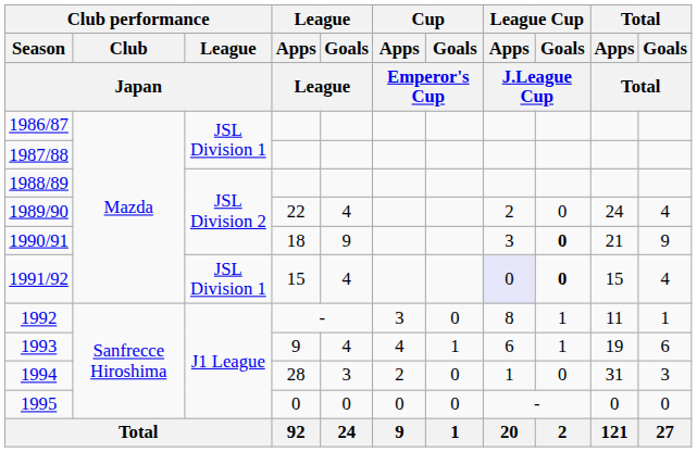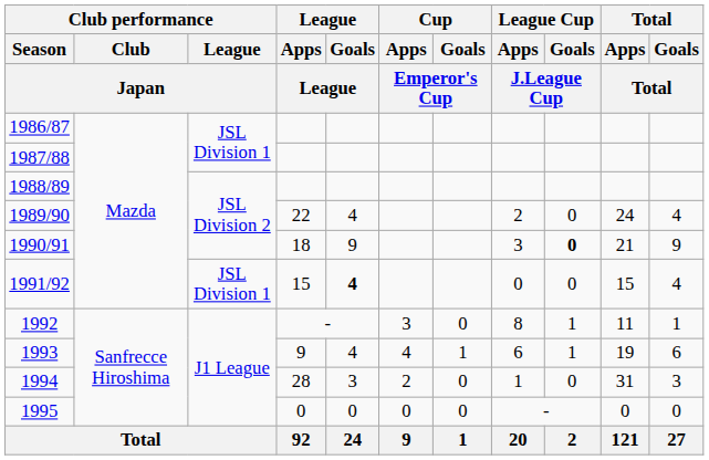 <table class="wikitable" style="text-align:center;">
 <tr>
 <th colspan=3>Club performance</th>
 <th colspan=2>League</th>
 <th colspan=2>Cup</th>
 <th colspan=2>League Cup</th>
 <th colspan=2>Total</th>
 </tr>
 <tr>
 <th>Season</th>
 <th>Club</th>
 <th>League</th>
 <th>Apps</th>
 <th>Goals</th>
 <th>Apps</th>
 <th>Goals</th>
 <th>Apps</th>
 <th>Goals</th>
 <th>Apps</th>
 <th>Goals</th>
 </tr>
 <tr>
 <th colspan=3>Japan</th>
 <th colspan=2>League</th>
 <th colspan=2><a href='#'>Emperor's Cup</a></th>
 <th colspan=2><a href='#'>J.League Cup</a></th>
 <th colspan=2>Total</th>
 </tr>
 <tr>
 <td><a href='#'>1986/87</a></td>
 <td rowspan="6"><a href='#'>Mazda</a></td>
 <td rowspan="2"><a href='#'>JSL Division 1</a></td>
 <td></td>
 <td></td>
 <td></td>
 <td></td>
 <td></td>
 <td></td>
 <td></td>
 <td></td>
 </tr>
 <tr>
 <td><a href='#'>1987/88</a></td>
 <td></td>
 <td></td>
 <td></td>
 <td></td>
 <td></td>
 <td></td>
 <td></td>
 <td></td>
 </tr>
 <tr>
 <td><a href='#'>1988/89</a></td>
 <td rowspan="3"><a href='#'>JSL Division 2</a></td>
 <td></td>
 <td></td>
 <td></td>
 <td></td>
 <td></td>
 <td></td>
 <td></td>
 <td></td>
 </tr>
 <tr>
 <td><a href='#'>1989/90</a></td>
 <td>22</td>
 <td>4</td>
 <td></td>
 <td></td>
 <td>2</td>
 <td>0</td>
 <td>24</td>
 <td>4</td>
 </tr>
 <tr>
 <td><a href='#'>1990/91</a></td>
 <td>18</td>
 <td>9</td>
 <td></td>
 <td></td>
 <td>3</td>
 <td><strong>0</strong></td>
 <td>21</td>
 <td>9</td>
 </tr>
 <tr>
 <td><a href='#'>1991/92</a></td>
 <td><a href='#'>JSL Division 1</a></td>
 <td>15</td>
-<td>4</td>
+<td><strong>4</strong></td>
 <td></td>
 <td></td>
-<td style="background: lavender;">0</td>
-<td><strong>0</strong></td>
+<td>0</td>
+<td>0</td>
 <td>15</td>
 <td>4</td>
 </tr>
 <tr>
 <td><a href='#'>1992</a></td>
 <td rowspan="4"><a href='#'>Sanfrecce Hiroshima</a></td>
 <td rowspan="4"><a href='#'>J1 League</a></td>
 <td colspan="2">-</td>
 <td>3</td>
 <td>0</td>
 <td>8</td>
 <td>1</td>
 <td>11</td>
 <td>1</td>
 </tr>
 <tr>
 <td><a href='#'>1993</a></td>
 <td>9</td>
 <td>4</td>
 <td>4</td>
 <td>1</td>
 <td>6</td>
 <td>1</td>
 <td>19</td>
 <td>6</td>
 </tr>
 <tr>
 <td><a href='#'>1994</a></td>
 <td>28</td>
 <td>3</td>
 <td>2</td>
 <td>0</td>
 <td>1</td>
 <td>0</td>
 <td>31</td>
 <td>3</td>
 </tr>
 <tr>
 <td><a href='#'>1995</a></td>
 <td>0</td>
 <td>0</td>
 <td>0</td>
 <td>0</td>
 <td colspan="2">-</td>
 <td>0</td>
 <td>0</td>
 </tr>
 <tr>
 <th colspan=3>Total</th>
 <th>92</th>
 <th>24</th>
 <th>9</th>
 <th>1</th>
 <th>20</th>
 <th>2</th>
 <th>121</th>
 <th>27</th>
 </tr>
 </table>
